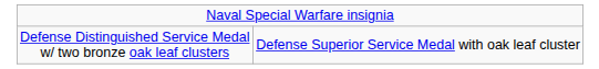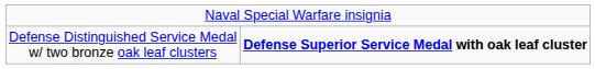 <table class="wikitable" style="margin-left: auto; margin-right: auto; text-align: center; margin-bottom: -1px;">
 <tr>
 <td colspan="6"><a href='#'>Naval Special Warfare insignia</a></td>
 </tr>
 <tr>
 <td><a href='#'>Defense Distinguished Service Medal</a><br>w/ two bronze <a href='#'>oak leaf clusters</a></td>
-<td><a href='#'>Defense Superior Service Medal</a> with oak leaf cluster</td>
+<td><strong><a href='#'>Defense Superior Service Medal</a> with oak leaf cluster</strong></td>
 </tr>
 </table>
